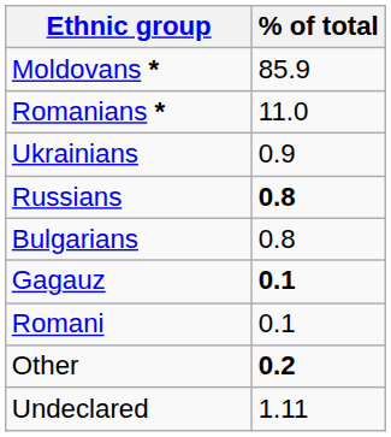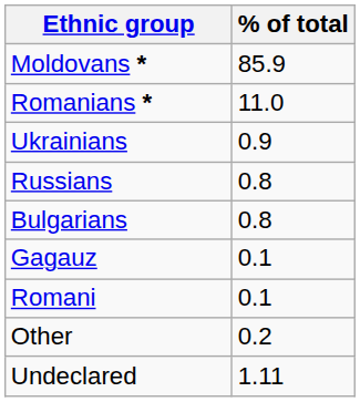 <table class="wikitable sortable">
 <tr>
 <th style="width:140px;"><a href='#'>Ethnic group</a></th>
 <th>% of total</th>
 </tr>
 <tr>
 <td><a href='#'>Moldovans</a> <strong>*</strong></td>
 <td>85.9</td>
 </tr>
 <tr>
 <td><a href='#'>Romanians</a> <strong>*</strong></td>
 <td>11.0</td>
 </tr>
 <tr>
 <td><a href='#'>Ukrainians</a></td>
 <td>0.9</td>
 </tr>
 <tr>
 <td><a href='#'>Russians</a></td>
-<td><strong>0.8</strong></td>
+<td>0.8</td>
 </tr>
 <tr>
 <td><a href='#'>Bulgarians</a></td>
 <td>0.8</td>
 </tr>
 <tr>
 <td><a href='#'>Gagauz</a></td>
-<td><strong>0.1</strong></td>
+<td>0.1</td>
 </tr>
 <tr>
 <td><a href='#'>Romani</a></td>
 <td>0.1</td>
 </tr>
 <tr>
 <td>Other</td>
-<td><strong>0.2</strong></td>
+<td>0.2</td>
 </tr>
 <tr>
 <td>Undeclared</td>
 <td>1.11</td>
 </tr>
 </table>
